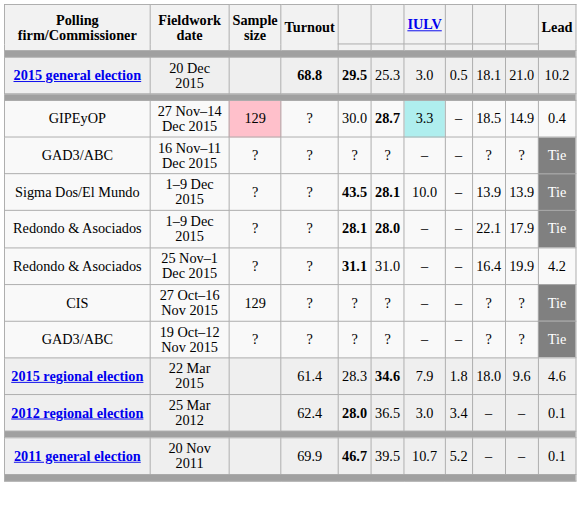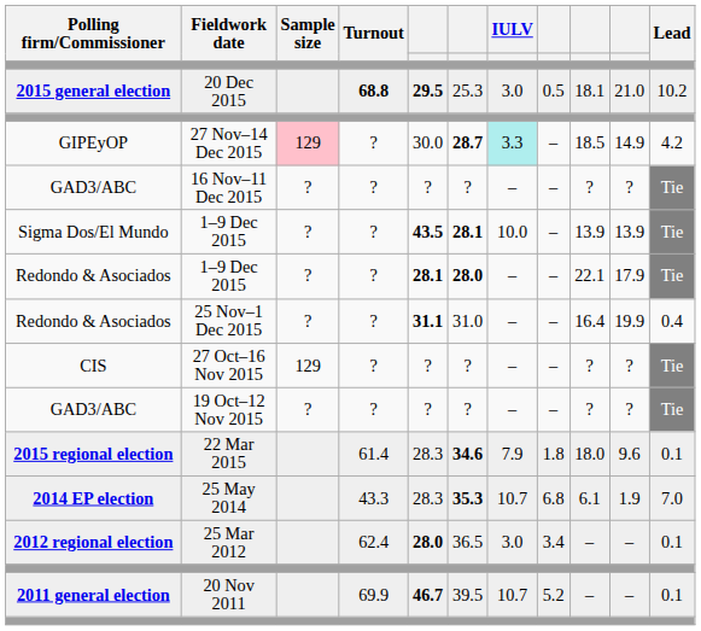 <table class="wikitable collapsible collapsed" style="text-align:center; font-size:95%; line-height:16px;">
 <tr style="height:42px; background-color:#E9E9E9">
 <th style="width:250px;" rowspan="2">Polling firm/Commissioner</th>
 <th style="width:125px;" rowspan="2">Fieldwork date</th>
 <th style="width:50px;" rowspan="2">Sample size</th>
 <th style="width:45px;" rowspan="2">Turnout</th>
 <th style="width:35px;"></th>
 <th style="width:35px;"></th>
 <th style="width:35px;"><a href='#'>IULV</a></th>
 <th style="width:35px;"></th>
 <th style="width:35px;"></th>
 <th style="width:35px;"></th>
 <th style="width:30px;" rowspan="2">Lead</th>
 </tr>
 <tr>
 <th style="color:inherit;background:"></th>
 <th style="color:inherit;background:"></th>
 <th style="color:inherit;background:"></th>
 <th style="color:inherit;background:"></th>
 <th style="color:inherit;background:"></th>
 <th style="color:inherit;background:"></th>
 </tr>
 <tr>
 <td colspan="11" style="background:#A0A0A0"></td>
 </tr>
 <tr style="background:#EFEFEF;">
 <td><strong><a href='#'>2015 general election</a></strong></td>
 <td>20 Dec 2015</td>
 <td></td>
 <td><strong>68.8</strong></td>
 <td><strong>29.5</strong><br></td>
 <td>25.3<br></td>
 <td>3.0<br></td>
 <td>0.5<br></td>
 <td>18.1<br></td>
 <td>21.0<br></td>
 <td style="background:">10.2</td>
 </tr>
 <tr>
 <td colspan="11" style="background:#A0A0A0"></td>
 </tr>
 <tr>
 <td>GIPEyOP</td>
 <td>27 Nov–14 Dec 2015</td>
 <td style="background: pink;">129</td>
 <td>?</td>
 <td>30.0<br></td>
 <td><strong>28.7</strong><br></td>
 <td style="background: paleturquoise;">3.3<br></td>
 <td>–</td>
 <td>18.5<br></td>
 <td>14.9<br></td>
-<td style="background:">0.4</td>
+<td style="background:">4.2</td>
 </tr>
 <tr>
 <td>GAD3/ABC</td>
 <td>16 Nov–11 Dec 2015</td>
 <td>?</td>
 <td>?</td>
 <td>?<br></td>
 <td>?<br></td>
 <td>–</td>
 <td>–</td>
 <td>?<br></td>
 <td>?<br></td>
 <td style="background:gray;color:white;">Tie</td>
 </tr>
 <tr>
 <td>Sigma Dos/El Mundo</td>
 <td>1–9 Dec 2015</td>
 <td>?</td>
 <td>?</td>
 <td><strong>43.5</strong><br></td>
 <td><strong>28.1</strong><br></td>
 <td>10.0<br></td>
 <td>–</td>
 <td>13.9<br></td>
 <td>13.9<br></td>
 <td style="background:gray;color:white;">Tie</td>
 </tr>
 <tr>
 <td>Redondo & Asociados</td>
 <td>1–9 Dec 2015</td>
 <td>?</td>
 <td>?</td>
 <td><strong>28.1</strong><br></td>
 <td><strong>28.0</strong><br></td>
 <td>–</td>
 <td>–</td>
 <td>22.1<br></td>
 <td>17.9<br></td>
 <td style="background:gray;color:white;">Tie</td>
 </tr>
 <tr>
 <td>Redondo & Asociados</td>
 <td>25 Nov–1 Dec 2015</td>
 <td>?</td>
 <td>?</td>
 <td><strong>31.1</strong><br></td>
 <td>31.0<br></td>
 <td>–</td>
 <td>–</td>
 <td>16.4<br></td>
 <td>19.9<br></td>
-<td style="background:">4.2</td>
+<td style="background:">0.4</td>
 </tr>
 <tr>
 <td>CIS</td>
 <td>27 Oct–16 Nov 2015</td>
 <td>129</td>
 <td>?</td>
 <td>?<br></td>
 <td>?<br></td>
 <td>–</td>
 <td>–</td>
 <td>?<br></td>
 <td>?<br></td>
 <td style="background:gray;color:white;">Tie</td>
 </tr>
 <tr>
 <td>GAD3/ABC</td>
 <td>19 Oct–12 Nov 2015</td>
 <td>?</td>
 <td>?</td>
 <td>?<br></td>
 <td>?<br></td>
 <td>–</td>
 <td>–</td>
 <td>?<br></td>
 <td>?<br></td>
 <td style="background:gray;color:white;">Tie</td>
 </tr>
 <tr style="background:#EFEFEF;">
 <td><strong><a href='#'>2015 regional election</a></strong></td>
 <td>22 Mar 2015</td>
 <td></td>
 <td>61.4</td>
 <td>28.3<br></td>
 <td><strong>34.6</strong><br></td>
 <td>7.9<br></td>
 <td>1.8<br></td>
 <td>18.0<br></td>
 <td>9.6<br></td>
-<td style="background:">4.6</td>
+<td style="background:">0.1</td>
+</tr>
+<tr style="background:#EFEFEF;">
+<td><strong><a href='#'>2014 EP election</a></strong></td>
+<td>25 May 2014</td>
+<td></td>
+<td>43.3</td>
+<td>28.3<br></td>
+<td><strong>35.3</strong><br></td>
+<td>10.7<br></td>
+<td>6.8<br></td>
+<td>6.1<br></td>
+<td>1.9<br></td>
+<td style="background:">7.0</td>
 </tr>
 <tr style="background:#EFEFEF;">
 <td><strong><a href='#'>2012 regional election</a></strong></td>
 <td>25 Mar 2012</td>
 <td></td>
 <td>62.4</td>
 <td><strong>28.0</strong><br></td>
 <td>36.5<br></td>
 <td>3.0<br></td>
 <td>3.4<br></td>
 <td>–</td>
 <td>–</td>
 <td style="background:">0.1</td>
 </tr>
 <tr>
 <td colspan="11" style="background:#A0A0A0"></td>
 </tr>
 <tr style="background:#EFEFEF;">
 <td><strong><a href='#'>2011 general election</a></strong></td>
 <td>20 Nov 2011</td>
 <td></td>
 <td>69.9</td>
 <td><strong>46.7</strong><br></td>
 <td>39.5<br></td>
 <td>10.7<br></td>
 <td>5.2<br></td>
 <td>–</td>
 <td>–</td>
 <td style="background:">0.1</td>
 </tr>
 <tr>
 <td colspan="11" style="background:#A0A0A0"></td>
 </tr>
 </table>
